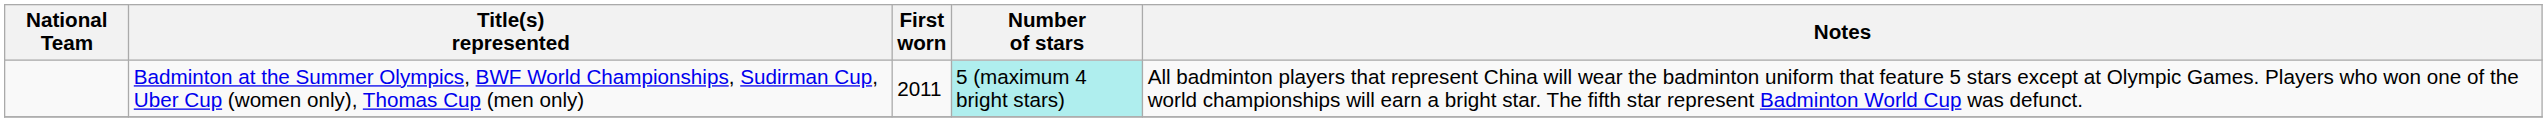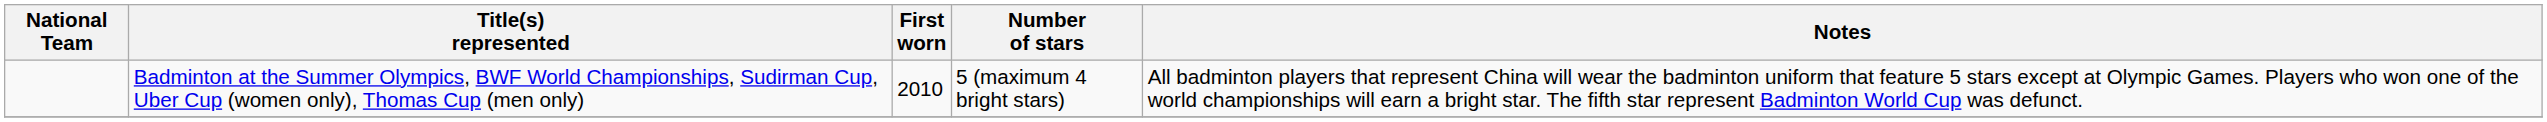 <table class="wikitable sortable">
 <tr>
 <th>National Team</th>
 <th>Title(s)<br>represented</th>
 <th>First<br>worn</th>
 <th>Number<br>of stars</th>
 <th class="unsortable">Notes</th>
 </tr>
 <tr>
 <td></td>
 <td><a href='#'>Badminton at the Summer Olympics</a>, <a href='#'>BWF World Championships</a>, <a href='#'>Sudirman Cup</a>, <a href='#'>Uber Cup</a> (women only), <a href='#'>Thomas Cup</a> (men only)</td>
-<td>2011</td>
-<td style="background: paleturquoise;">5 (maximum 4 bright stars)</td>
+<td>2010</td>
+<td>5 (maximum 4 bright stars)</td>
 <td>All badminton players that represent China will wear the badminton uniform that feature 5 stars except at Olympic Games. Players who won one of the world championships will earn a bright star. The fifth star represent <a href='#'>Badminton World Cup</a> was defunct.</td>
 </tr>
 <tr ->
 </tr>
 </table>
